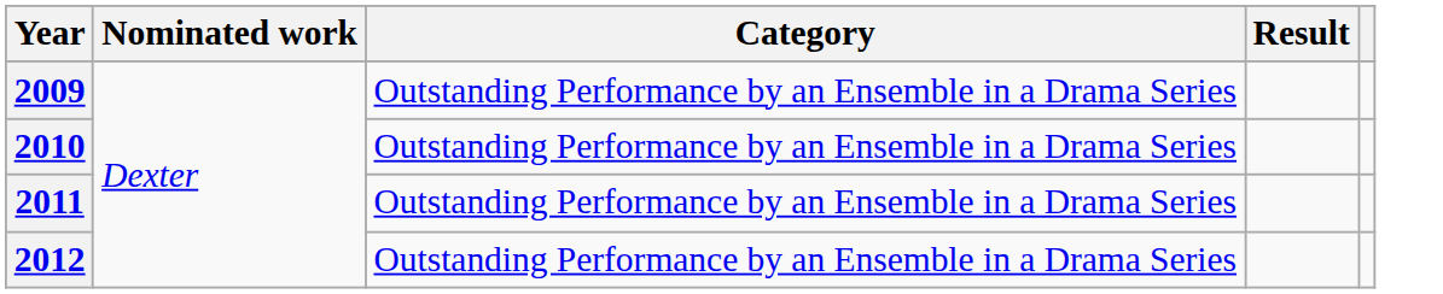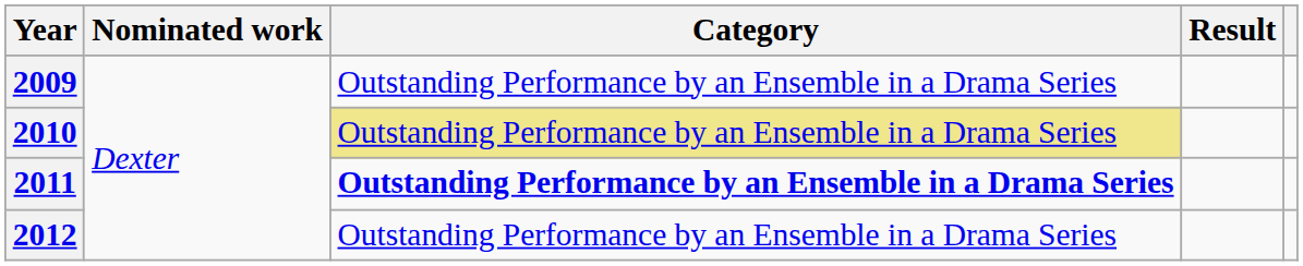 <table class="wikitable plainrowheaders sortable">
 <tr>
 <th scope="col">Year</th>
 <th scope="col">Nominated work</th>
 <th scope="col">Category</th>
 <th scope="col">Result</th>
 <th scope="col" class="unsortable"></th>
 </tr>
 <tr>
 <th scope="row" style="text-align:center"><a href='#'>2009</a></th>
 <td rowspan="4"><a href='#'><em>Dexter</em></a></td>
 <td><a href='#'>Outstanding Performance by an Ensemble in a Drama Series</a></td>
 <td></td>
 <td style="text-align:center"></td>
 </tr>
 <tr>
 <th scope="row" style="text-align:center"><a href='#'>2010</a></th>
-<td><a href='#'>Outstanding Performance by an Ensemble in a Drama Series</a></td>
+<td style="background: khaki;"><a href='#'>Outstanding Performance by an Ensemble in a Drama Series</a></td>
 <td></td>
 <td style="text-align:center"></td>
 </tr>
 <tr>
 <th scope="row" style="text-align:center"><a href='#'>2011</a></th>
-<td><a href='#'>Outstanding Performance by an Ensemble in a Drama Series</a></td>
+<td><strong><a href='#'>Outstanding Performance by an Ensemble in a Drama Series</a></strong></td>
 <td></td>
 <td style="text-align:center"></td>
 </tr>
 <tr>
 <th scope="row" style="text-align:center"><a href='#'>2012</a></th>
 <td><a href='#'>Outstanding Performance by an Ensemble in a Drama Series</a></td>
 <td></td>
 <td style="text-align:center"></td>
 </tr>
 </table>
